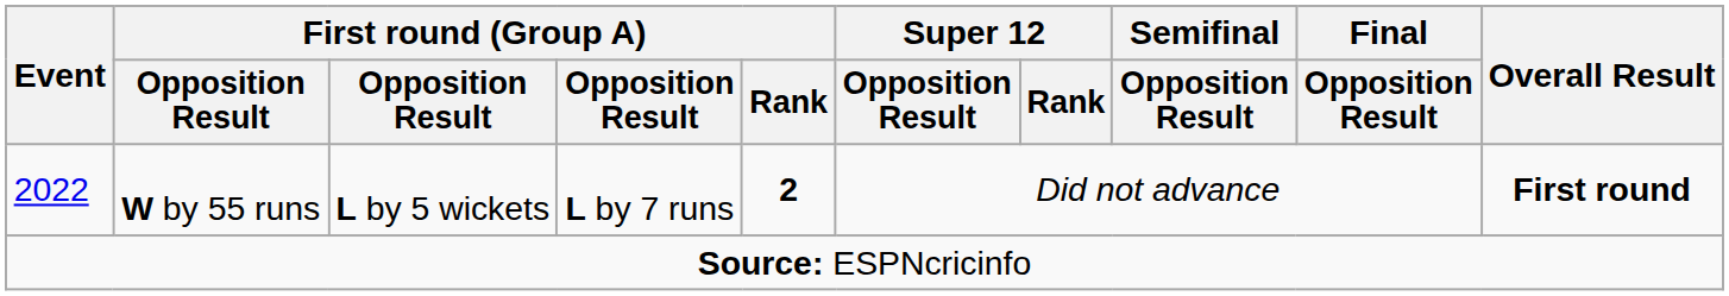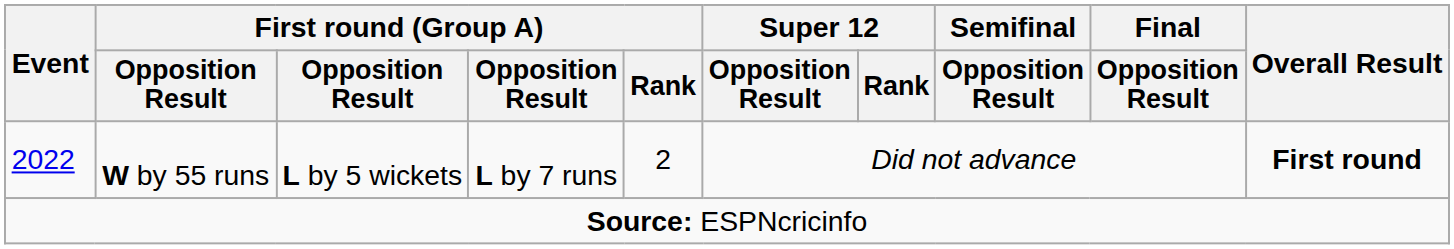 <table class=wikitable style=font-size:90%;text-align:center>
 <tr>
 <th rowspan=2>Event</th>
 <th colspan=4>First round (Group A)</th>
 <th colspan=2>Super 12</th>
 <th>Semifinal</th>
 <th>Final</th>
 <th rowspan=2>Overall Result</th>
 </tr>
 <tr style=font-size:95%>
 <th>Opposition<br>Result</th>
 <th>Opposition<br>Result</th>
 <th>Opposition<br>Result</th>
 <th>Rank</th>
 <th>Opposition<br>Result</th>
 <th>Rank</th>
 <th>Opposition<br>Result</th>
 <th>Opposition<br>Result</th>
 </tr>
 <tr>
 <td align=left><a href='#'>2022</a></td>
 <td><br><strong>W</strong> by 55 runs</td>
 <td><br><strong>L</strong> by 5 wickets</td>
 <td><br><strong>L</strong> by 7 runs</td>
-<td><strong>2</strong></td>
+<td>2</td>
 <td colspan=4><em>Did not advance</em></td>
 <td><strong>First round</strong></td>
 </tr>
 <tr>
 <td colspan="14"><strong>Source:</strong> ESPNcricinfo</td>
 </tr>
 </table>
